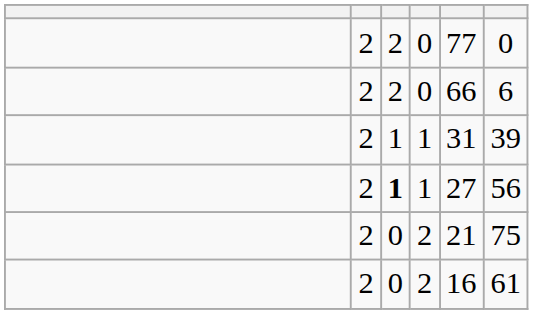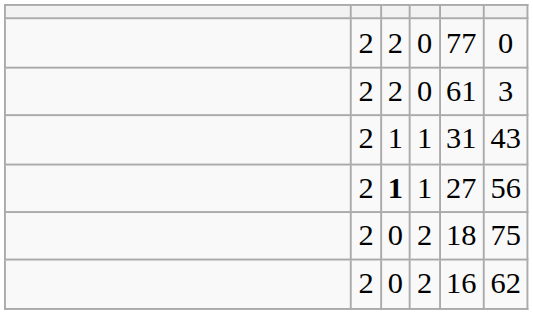 <table class="wikitable" style="text-align:center;">
 <tr>
 <th width=175></th>
 <th></th>
 <th></th>
 <th></th>
 <th></th>
 <th></th>
 </tr>
 <tr>
 <td align=left></td>
 <td>2</td>
 <td>2</td>
 <td>0</td>
 <td>77</td>
 <td>0</td>
 </tr>
 <tr>
 <td align=left></td>
 <td>2</td>
 <td>2</td>
 <td>0</td>
-<td>66</td>
-<td>6</td>
+<td>61</td>
+<td>3</td>
 </tr>
 <tr>
 <td align=left></td>
 <td>2</td>
 <td>1</td>
 <td>1</td>
 <td>31</td>
-<td>39</td>
+<td>43</td>
 </tr>
 <tr>
 <td align=left></td>
 <td>2</td>
 <td><strong>1</strong></td>
 <td>1</td>
 <td>27</td>
 <td>56</td>
 </tr>
 <tr>
 <td align=left></td>
 <td>2</td>
 <td>0</td>
 <td>2</td>
-<td>21</td>
+<td>18</td>
 <td>75</td>
 </tr>
 <tr>
 <td align=left></td>
 <td>2</td>
 <td>0</td>
 <td>2</td>
 <td>16</td>
-<td>61</td>
+<td>62</td>
 </tr>
 </table>
